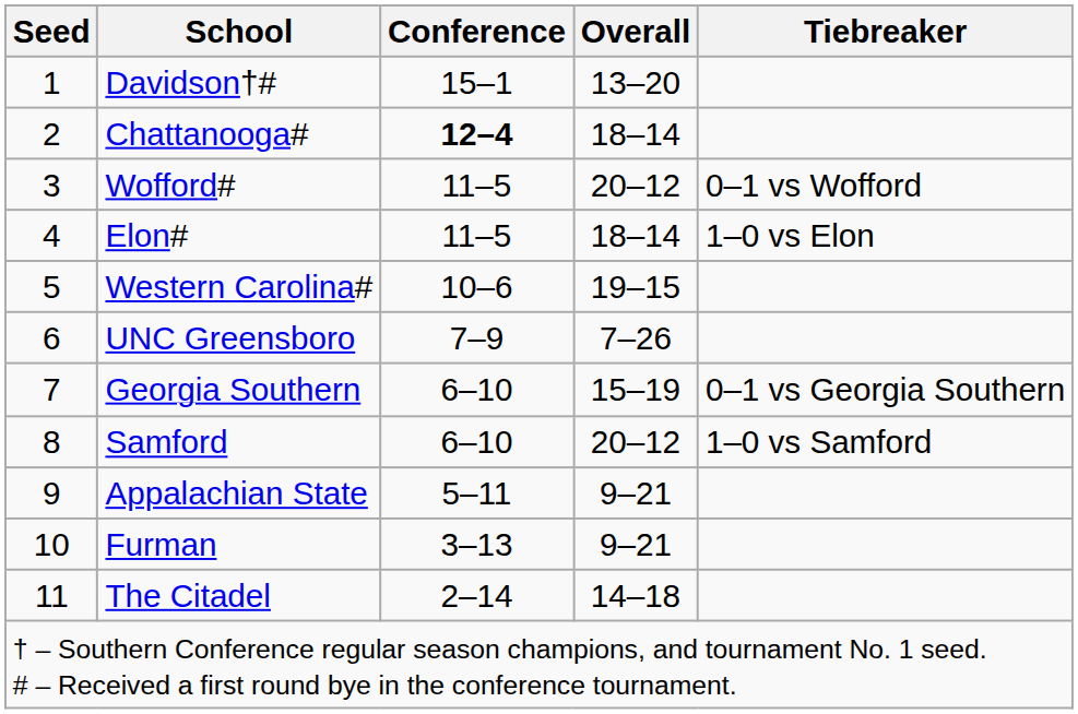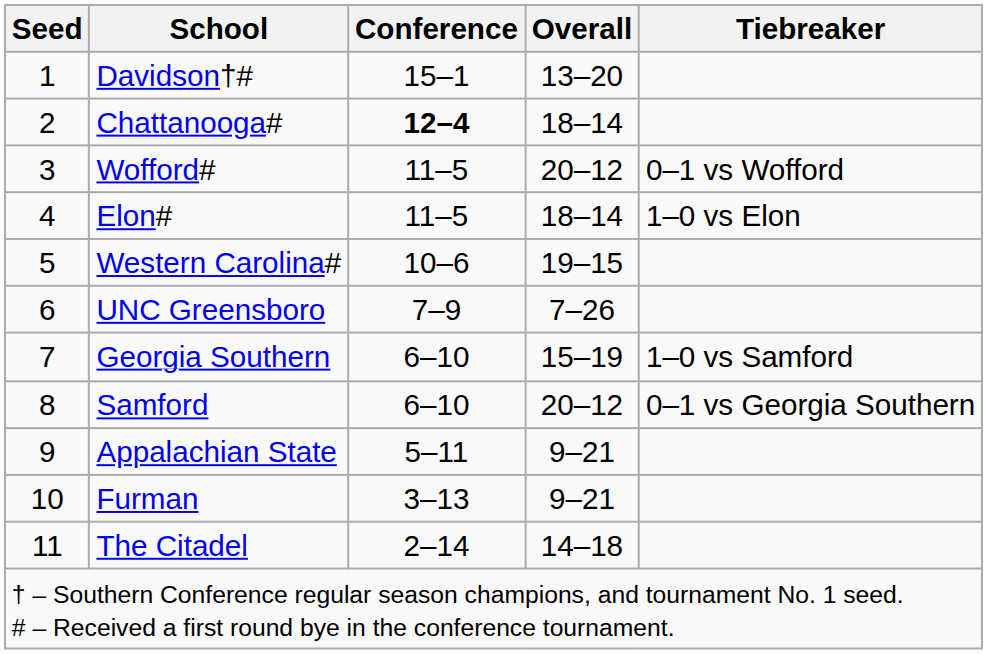 <table class="wikitable" style="white-space:nowrap; font-size:95%; text-align:center">
 <tr>
 <th>Seed</th>
 <th>School</th>
 <th>Conference</th>
 <th>Overall</th>
 <th>Tiebreaker</th>
 </tr>
 <tr>
 <td>1</td>
 <td align=left><a href='#'>Davidson</a>†#</td>
 <td>15–1</td>
 <td>13–20</td>
 <td></td>
 </tr>
 <tr>
 <td>2</td>
 <td align=left><a href='#'>Chattanooga</a>#</td>
 <td><strong>12–4</strong></td>
 <td>18–14</td>
 <td></td>
 </tr>
 <tr>
 <td>3</td>
 <td align=left><a href='#'>Wofford</a>#</td>
 <td>11–5</td>
 <td>20–12</td>
 <td align=left>0–1 vs Wofford</td>
 </tr>
 <tr>
 <td>4</td>
 <td align=left><a href='#'>Elon</a>#</td>
 <td>11–5</td>
 <td>18–14</td>
 <td align=left>1–0 vs Elon</td>
 </tr>
 <tr>
 <td>5</td>
 <td align=left><a href='#'>Western Carolina</a>#</td>
 <td>10–6</td>
 <td>19–15</td>
 <td></td>
 </tr>
 <tr>
 <td>6</td>
 <td align=left><a href='#'>UNC Greensboro</a></td>
 <td>7–9</td>
 <td>7–26</td>
 <td></td>
 </tr>
 <tr>
 <td>7</td>
 <td align=left><a href='#'>Georgia Southern</a></td>
 <td>6–10</td>
 <td>15–19</td>
-<td align=left>0–1 vs Georgia Southern</td>
+<td align=left>1–0 vs Samford</td>
 </tr>
 <tr>
 <td>8</td>
 <td align=left><a href='#'>Samford</a></td>
 <td>6–10</td>
 <td>20–12</td>
-<td align=left>1–0 vs Samford</td>
+<td align=left>0–1 vs Georgia Southern</td>
 </tr>
 <tr>
 <td>9</td>
 <td align=left><a href='#'>Appalachian State</a></td>
 <td>5–11</td>
 <td>9–21</td>
 <td></td>
 </tr>
 <tr>
 <td>10</td>
 <td align=left><a href='#'>Furman</a></td>
 <td>3–13</td>
 <td>9–21</td>
 <td></td>
 </tr>
 <tr>
 <td>11</td>
 <td align=left><a href='#'>The Citadel</a></td>
 <td>2–14</td>
 <td>14–18</td>
 <td></td>
 </tr>
 <tr>
 <td colspan=6 align=left><small>† – Southern Conference regular season champions, and tournament No. 1 seed.<br># – Received a first round bye in the conference tournament.</small></td>
 </tr>
 </table>
